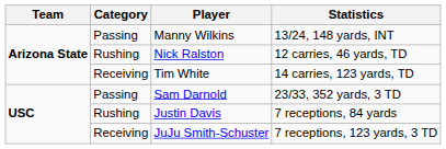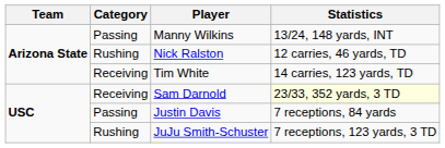 <table class="wikitable" style="float: right;">
 <tr>
 <th>Team</th>
 <th>Category</th>
 <th>Player</th>
 <th>Statistics</th>
 </tr>
 <tr>
 <td rowspan=3><strong>Arizona State</strong></td>
 <td>Passing</td>
 <td>Manny Wilkins</td>
 <td>13/24, 148 yards, INT</td>
 </tr>
 <tr>
 <td>Rushing</td>
 <td><a href='#'>Nick Ralston</a></td>
 <td>12 carries, 46 yards, TD</td>
 </tr>
 <tr>
 <td>Receiving</td>
 <td>Tim White</td>
 <td>14 carries, 123 yards, TD</td>
 </tr>
 <tr>
 <td rowspan=3><strong>USC</strong></td>
-<td>Passing</td>
+<td>Receiving</td>
 <td><a href='#'>Sam Darnold</a></td>
-<td>23/33, 352 yards, 3 TD</td>
+<td style="background: lightyellow;">23/33, 352 yards, 3 TD</td>
 </tr>
 <tr>
-<td>Rushing</td>
+<td>Passing</td>
 <td><a href='#'>Justin Davis</a></td>
 <td>7 receptions, 84 yards</td>
 </tr>
 <tr>
-<td>Receiving</td>
+<td>Rushing</td>
 <td><a href='#'>JuJu Smith-Schuster</a></td>
 <td>7 receptions, 123 yards, 3 TD</td>
 </tr>
 </table>
